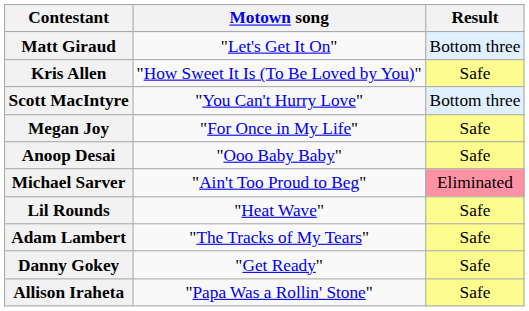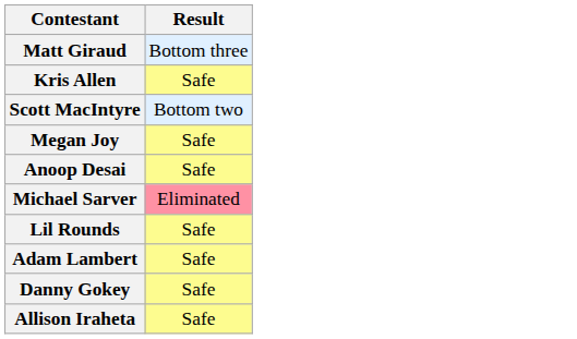 <table class="wikitable unsortable" style="text-align:center;">
 <tr>
 <th scope="col">Contestant</th>
-<th scope="col"><a href='#'>Motown</a> song</th>
 <th scope="col">Result</th>
 </tr>
 <tr>
 <th scope="row">Matt Giraud</th>
-<td>"<a href='#'>Let's Get It On</a>"</td>
 <td bgcolor="E0F0FF">Bottom three</td>
 </tr>
 <tr>
 <th scope="row">Kris Allen</th>
-<td>"<a href='#'>How Sweet It Is (To Be Loved by You)</a>"</td>
 <td style="background:#FDFC8F">Safe</td>
 </tr>
 <tr>
 <th scope="row">Scott MacIntyre</th>
-<td>"<a href='#'>You Can't Hurry Love</a>"</td>
-<td bgcolor="E0F0FF">Bottom three</td>
+<td bgcolor="E0F0FF">Bottom two</td>
 </tr>
 <tr>
 <th scope="row">Megan Joy</th>
-<td>"<a href='#'>For Once in My Life</a>"</td>
 <td style="background:#FDFC8F">Safe</td>
 </tr>
 <tr>
 <th scope="row">Anoop Desai</th>
-<td>"<a href='#'>Ooo Baby Baby</a>"</td>
 <td style="background:#FDFC8F">Safe</td>
 </tr>
 <tr>
 <th scope="row">Michael Sarver</th>
-<td>"<a href='#'>Ain't Too Proud to Beg</a>"</td>
 <td bgcolor="FF91A4">Eliminated</td>
 </tr>
 <tr>
 <th scope="row">Lil Rounds</th>
-<td>"<a href='#'>Heat Wave</a>"</td>
 <td style="background:#FDFC8F">Safe</td>
 </tr>
 <tr>
 <th scope="row">Adam Lambert</th>
-<td>"<a href='#'>The Tracks of My Tears</a>"</td>
 <td style="background:#FDFC8F">Safe</td>
 </tr>
 <tr>
 <th scope="row">Danny Gokey</th>
-<td>"<a href='#'>Get Ready</a>"</td>
 <td style="background:#FDFC8F">Safe</td>
 </tr>
 <tr>
 <th scope="row">Allison Iraheta</th>
-<td>"<a href='#'>Papa Was a Rollin' Stone</a>"</td>
 <td style="background:#FDFC8F">Safe</td>
 </tr>
 </table>
